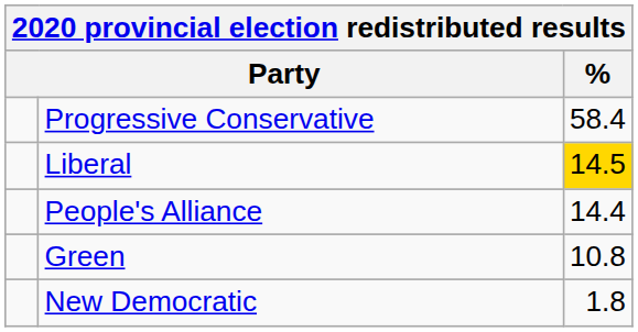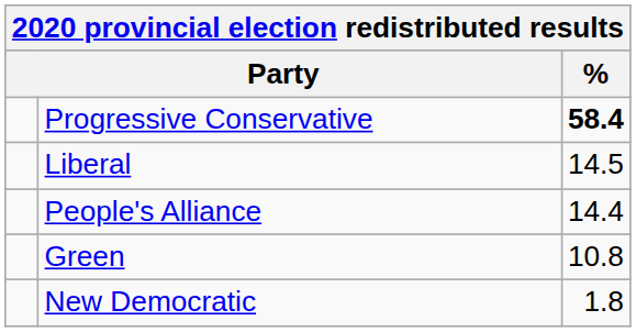 <table class="wikitable">
 <tr>
 <th colspan="4"><a href='#'>2020 provincial election</a> redistributed results</th>
 </tr>
 <tr>
 <th bgcolor="#DDDDFF" width="130px" colspan="2">Party</th>
 <th bgcolor="#DDDDFF" width="30px">%</th>
 </tr>
 <tr>
 <td> </td>
 <td><a href='#'>Progressive Conservative</a></td>
-<td align=right>58.4</td>
+<td align=right><strong>58.4</strong></td>
 </tr>
 <tr>
 <td> </td>
 <td><a href='#'>Liberal</a></td>
-<td align=right style="background: gold;">14.5</td>
+<td align=right>14.5</td>
 </tr>
 <tr>
 <td> </td>
 <td><a href='#'>People's Alliance</a></td>
 <td align=right>14.4</td>
 </tr>
 <tr>
 <td> </td>
 <td><a href='#'>Green</a></td>
 <td align=right>10.8</td>
 </tr>
 <tr>
 <td> </td>
 <td><a href='#'>New Democratic</a></td>
 <td align=right>1.8</td>
 </tr>
 </table>
